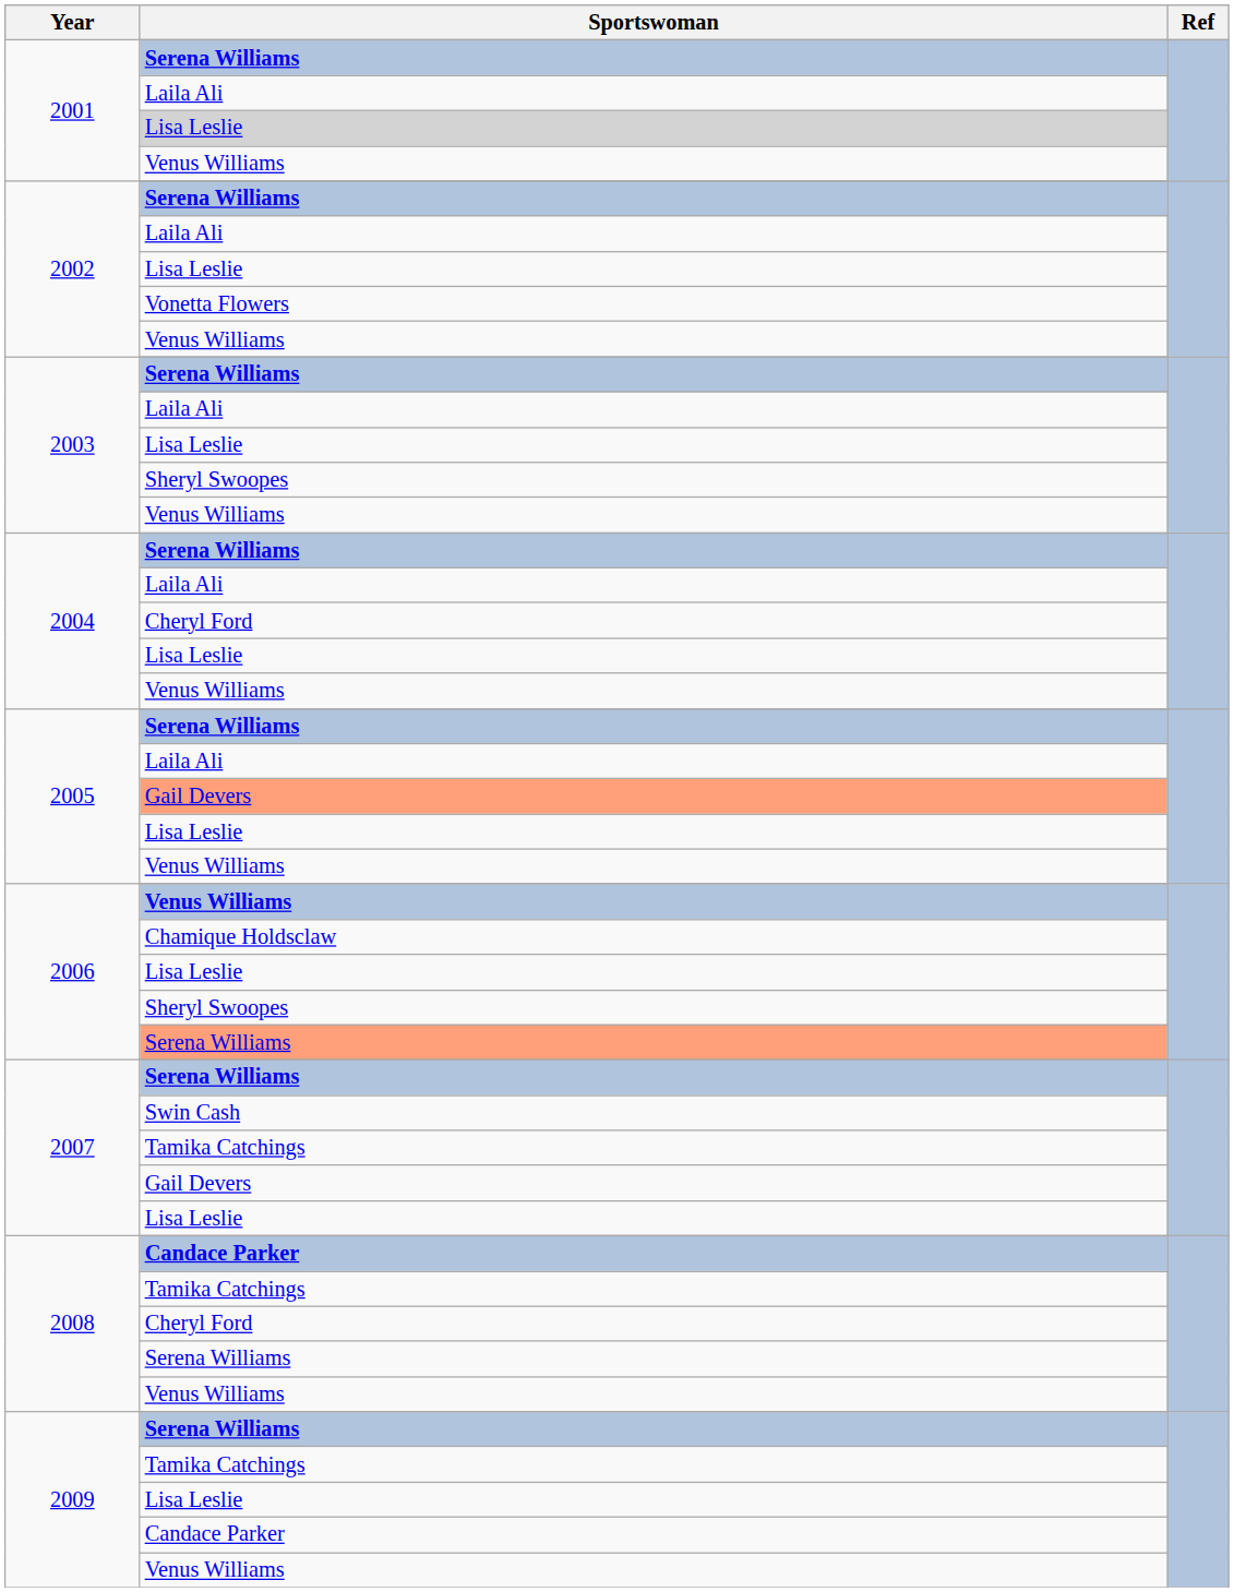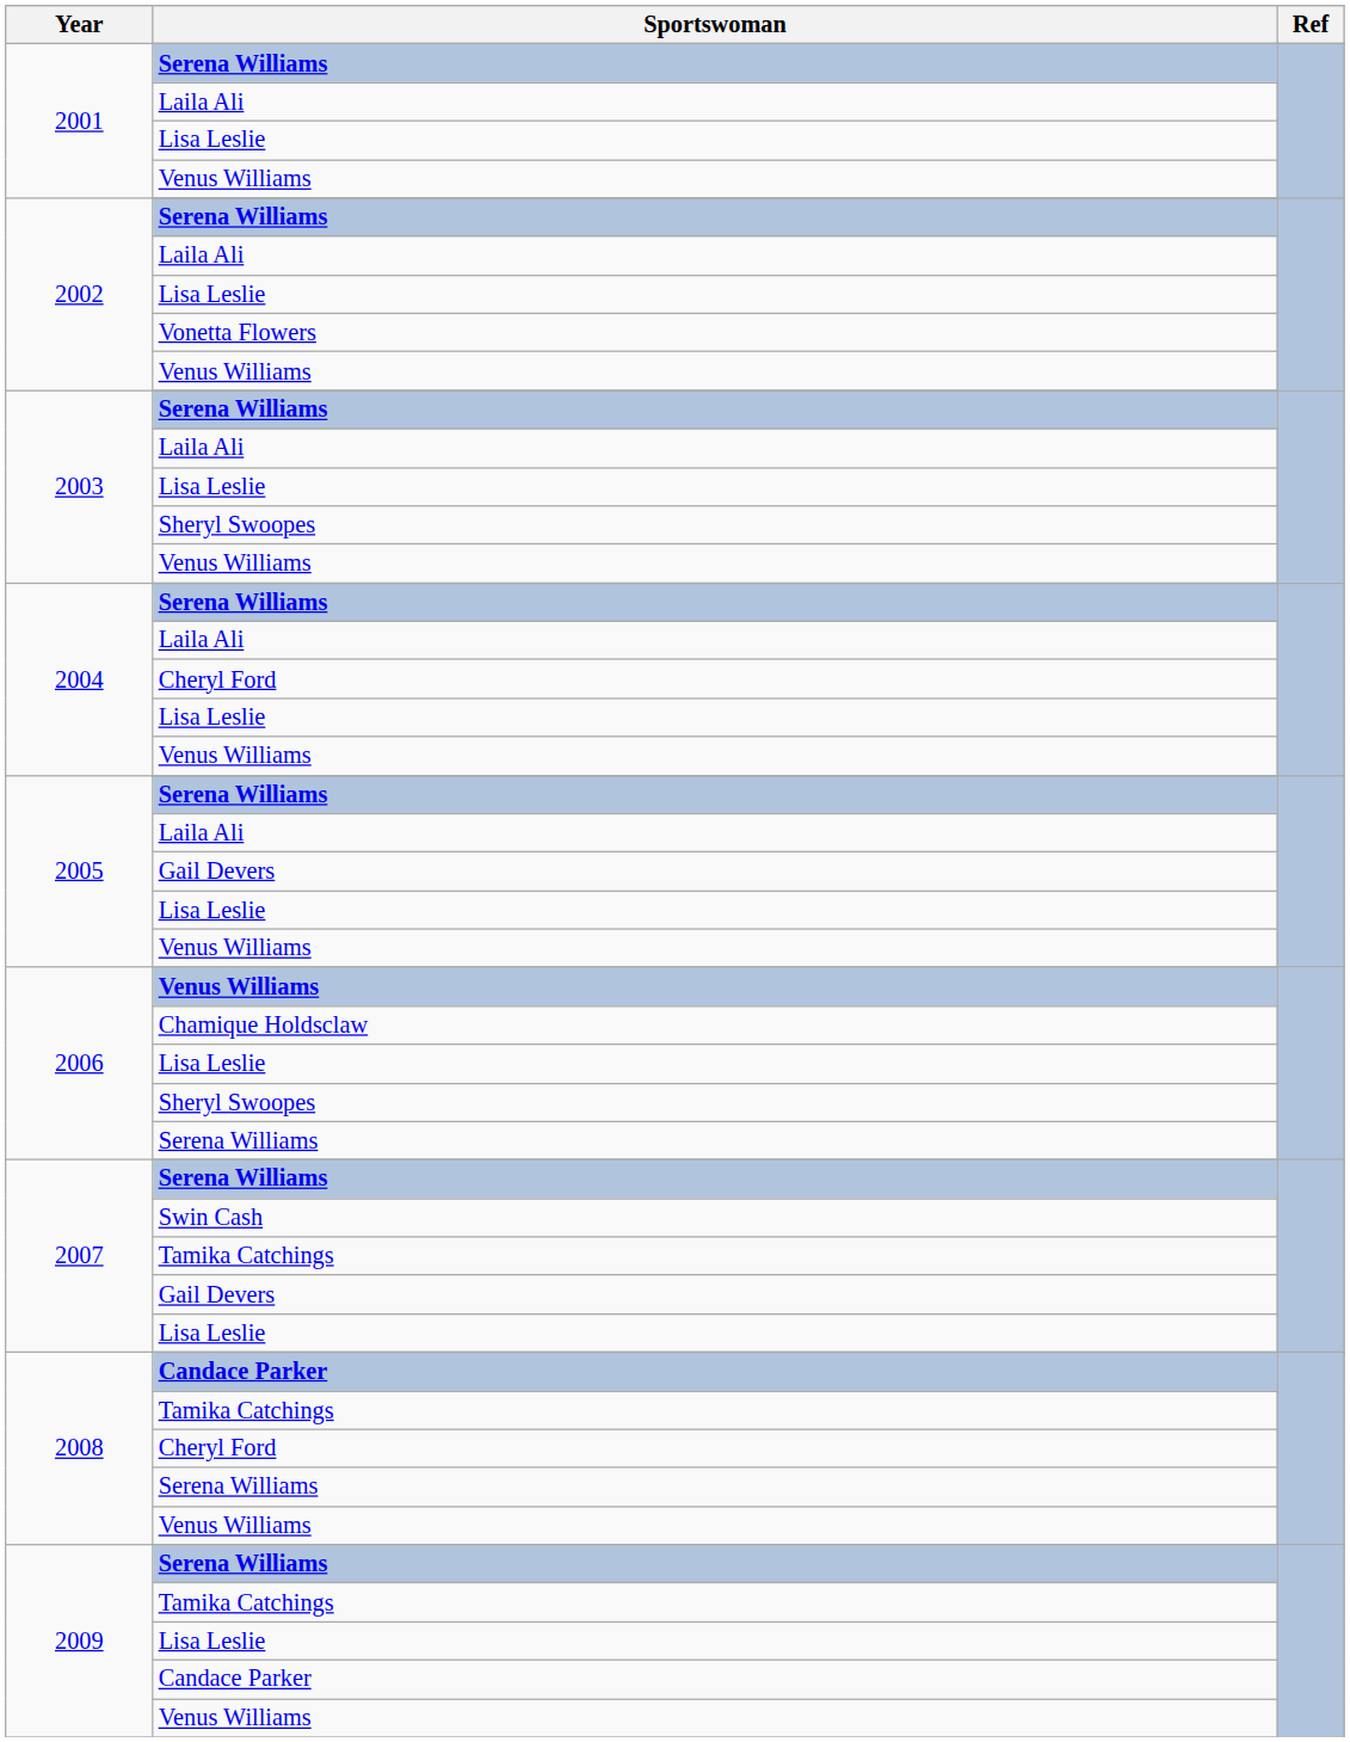 <table class="wikitable" style="width:100%;">
 <tr style="background:#bebebe;">
 <th style="width:11%;">Year</th>
 <th style="width:84%;">Sportswoman</th>
 <th style="width:5%;">Ref</th>
 </tr>
 <tr>
 <td rowspan="5" align="center"><a href='#'>2001</a></td>
 </tr>
 <tr style="background:#B0C4DE">
 <td><strong><a href='#'>Serena Williams</a></strong></td>
 <td rowspan="5" align="center"></td>
 </tr>
 <tr>
 <td><a href='#'>Laila Ali</a></td>
 </tr>
 <tr>
-<td style="background: lightgrey;"><a href='#'>Lisa Leslie</a></td>
+<td><a href='#'>Lisa Leslie</a></td>
 </tr>
 <tr>
 <td><a href='#'>Venus Williams</a></td>
 </tr>
 <tr>
 <td rowspan="6" align="center"><a href='#'>2002</a></td>
 </tr>
 <tr style="background:#B0C4DE">
 <td><strong><a href='#'>Serena Williams</a></strong></td>
 <td rowspan="6" align="center"></td>
 </tr>
 <tr>
 <td><a href='#'>Laila Ali</a></td>
 </tr>
 <tr>
 <td><a href='#'>Lisa Leslie</a></td>
 </tr>
 <tr>
 <td><a href='#'>Vonetta Flowers</a></td>
 </tr>
 <tr>
 <td><a href='#'>Venus Williams</a></td>
 </tr>
 <tr>
 <td rowspan="6" align="center"><a href='#'>2003</a></td>
 </tr>
 <tr style="background:#B0C4DE">
 <td><strong><a href='#'>Serena Williams</a></strong></td>
 <td rowspan="6" align="center"></td>
 </tr>
 <tr>
 <td><a href='#'>Laila Ali</a></td>
 </tr>
 <tr>
 <td><a href='#'>Lisa Leslie</a></td>
 </tr>
 <tr>
 <td><a href='#'>Sheryl Swoopes</a></td>
 </tr>
 <tr>
 <td><a href='#'>Venus Williams</a></td>
 </tr>
 <tr>
 <td rowspan="6" align="center"><a href='#'>2004</a></td>
 </tr>
 <tr style="background:#B0C4DE">
 <td><strong><a href='#'>Serena Williams</a></strong></td>
 <td rowspan="6" align="center"></td>
 </tr>
 <tr>
 <td><a href='#'>Laila Ali</a></td>
 </tr>
 <tr>
 <td><a href='#'>Cheryl Ford</a></td>
 </tr>
 <tr>
 <td><a href='#'>Lisa Leslie</a></td>
 </tr>
 <tr>
 <td><a href='#'>Venus Williams</a></td>
 </tr>
 <tr>
 <td rowspan="6" align="center"><a href='#'>2005</a></td>
 </tr>
 <tr style="background:#B0C4DE">
 <td><strong><a href='#'>Serena Williams</a></strong></td>
 <td rowspan="6" align="center"></td>
 </tr>
 <tr>
 <td><a href='#'>Laila Ali</a></td>
 </tr>
 <tr>
-<td style="background: lightsalmon;"><a href='#'>Gail Devers</a></td>
+<td><a href='#'>Gail Devers</a></td>
 </tr>
 <tr>
 <td><a href='#'>Lisa Leslie</a></td>
 </tr>
 <tr>
 <td><a href='#'>Venus Williams</a></td>
 </tr>
 <tr>
 <td rowspan="6" align="center"><a href='#'>2006</a></td>
 </tr>
 <tr style="background:#B0C4DE">
 <td><strong><a href='#'>Venus Williams</a></strong></td>
 <td rowspan="6" align="center"></td>
 </tr>
 <tr>
 <td><a href='#'>Chamique Holdsclaw</a></td>
 </tr>
 <tr>
 <td><a href='#'>Lisa Leslie</a></td>
 </tr>
 <tr>
 <td><a href='#'>Sheryl Swoopes</a></td>
 </tr>
 <tr>
-<td style="background: lightsalmon;"><a href='#'>Serena Williams</a></td>
+<td><a href='#'>Serena Williams</a></td>
 </tr>
 <tr>
 <td rowspan="6" align="center"><a href='#'>2007</a></td>
 </tr>
 <tr style="background:#B0C4DE">
 <td><strong><a href='#'>Serena Williams</a></strong></td>
 <td rowspan="6" align="center"></td>
 </tr>
 <tr>
 <td><a href='#'>Swin Cash</a></td>
 </tr>
 <tr>
 <td><a href='#'>Tamika Catchings</a></td>
 </tr>
 <tr>
 <td><a href='#'>Gail Devers</a></td>
 </tr>
 <tr>
 <td><a href='#'>Lisa Leslie</a></td>
 </tr>
 <tr>
 <td rowspan="6" align="center"><a href='#'>2008</a></td>
 </tr>
 <tr style="background:#B0C4DE">
 <td><strong><a href='#'>Candace Parker</a></strong></td>
 <td rowspan="6" align="center"></td>
 </tr>
 <tr>
 <td><a href='#'>Tamika Catchings</a></td>
 </tr>
 <tr>
 <td><a href='#'>Cheryl Ford</a></td>
 </tr>
 <tr>
 <td><a href='#'>Serena Williams</a></td>
 </tr>
 <tr>
 <td><a href='#'>Venus Williams</a></td>
 </tr>
 <tr>
 <td rowspan="6" align="center"><a href='#'>2009</a></td>
 </tr>
 <tr style="background:#B0C4DE">
 <td><strong><a href='#'>Serena Williams</a></strong></td>
 <td rowspan="6" align="center"></td>
 </tr>
 <tr>
 <td><a href='#'>Tamika Catchings</a></td>
 </tr>
 <tr>
 <td><a href='#'>Lisa Leslie</a></td>
 </tr>
 <tr>
 <td><a href='#'>Candace Parker</a></td>
 </tr>
 <tr>
 <td><a href='#'>Venus Williams</a></td>
 </tr>
 </table>
